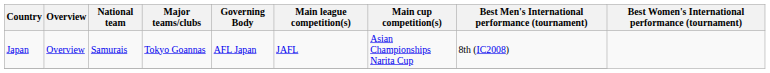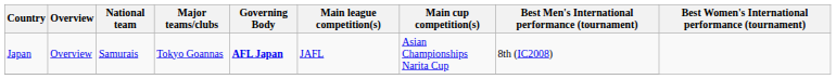 <table class="wikitable">
 <tr>
 <th>Country</th>
 <th>Overview</th>
 <th>National team</th>
 <th>Major teams/clubs</th>
 <th>Governing Body</th>
 <th>Main league competition(s)</th>
 <th>Main cup competition(s)</th>
 <th>Best Men's International performance (tournament)</th>
 <th>Best Women's International performance (tournament)</th>
 </tr>
 <tr>
 <td> <a href='#'>Japan</a></td>
 <td><a href='#'>Overview</a></td>
 <td><a href='#'>Samurais</a></td>
 <td><a href='#'>Tokyo Goannas</a></td>
-<td><a href='#'>AFL Japan</a></td>
+<td><strong><a href='#'>AFL Japan</a></strong></td>
 <td><a href='#'>JAFL</a> <br></td>
 <td><a href='#'>Asian Championships</a><br><a href='#'>Narita Cup</a></td>
 <td>8th (<a href='#'>IC2008</a>)</td>
 </tr>
 <tr>
 </tr>
 </table>
